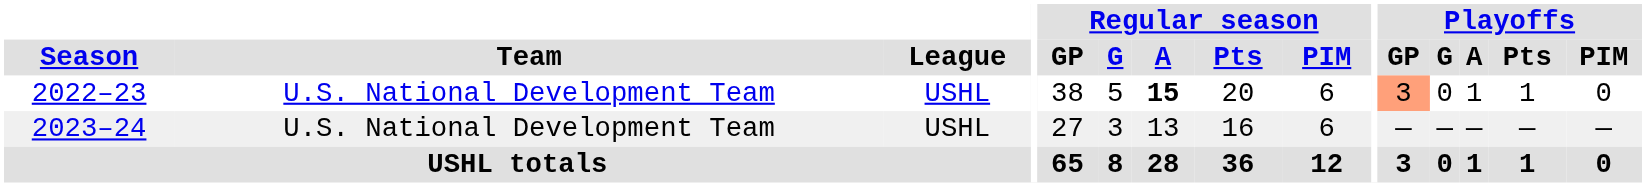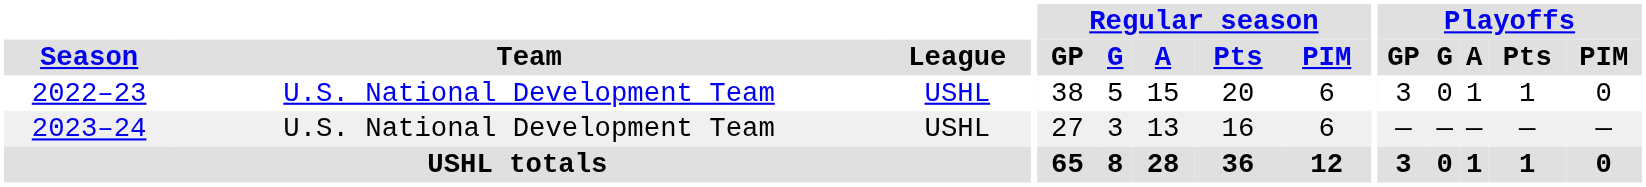 <table border="0" cellpadding="1" cellspacing="0" style="text-align:center; width:60em">
 <tr bgcolor="#e0e0e0">
 <th colspan="3" bgcolor="#ffffff"></th>
 <th rowspan="100" bgcolor="#ffffff"></th>
 <th colspan="5"><a href='#'>Regular season</a></th>
 <th rowspan="100" bgcolor="#ffffff"></th>
 <th colspan="5"><a href='#'>Playoffs</a></th>
 </tr>
 <tr bgcolor="#e0e0e0">
 <th><a href='#'>Season</a></th>
 <th>Team</th>
 <th>League</th>
 <th>GP</th>
 <th><a href='#'>G</a></th>
 <th><a href='#'>A</a></th>
 <th><a href='#'>Pts</a></th>
 <th><a href='#'>PIM</a></th>
 <th>GP</th>
 <th>G</th>
 <th>A</th>
 <th>Pts</th>
 <th>PIM</th>
 </tr>
 <tr>
 <td><a href='#'>2022–23</a></td>
 <td><a href='#'>U.S. National Development Team</a></td>
 <td><a href='#'>USHL</a></td>
 <td>38</td>
 <td>5</td>
-<td><strong>15</strong></td>
+<td>15</td>
 <td>20</td>
 <td>6</td>
-<td style="background: lightsalmon;">3</td>
+<td>3</td>
 <td>0</td>
 <td>1</td>
 <td>1</td>
 <td>0</td>
 </tr>
 <tr bgcolor="#f0f0f0">
 <td><a href='#'>2023–24</a></td>
 <td>U.S. National Development Team</td>
 <td>USHL</td>
 <td>27</td>
 <td>3</td>
 <td>13</td>
 <td>16</td>
 <td>6</td>
 <td>—</td>
 <td>—</td>
 <td>—</td>
 <td>—</td>
 <td>—</td>
 </tr>
 <tr bgcolor="#e0e0e0">
 <th colspan="3">USHL totals</th>
 <th>65</th>
 <th>8</th>
 <th>28</th>
 <th>36</th>
 <th>12</th>
 <th>3</th>
 <th>0</th>
 <th>1</th>
 <th>1</th>
 <th>0</th>
 </tr>
 </table>
